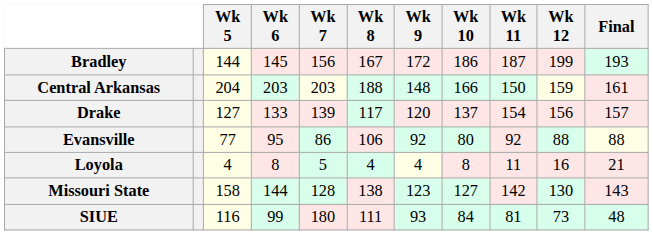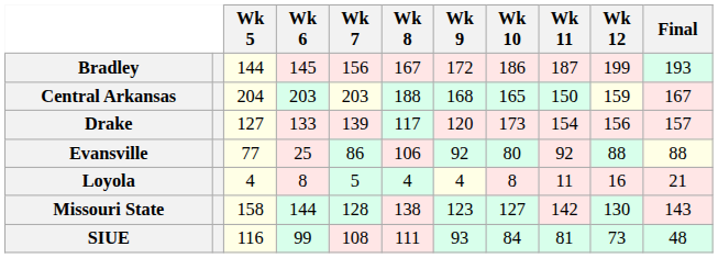 <table class="wikitable" style="text-align:center; width:50%">
 <tr>
 <th colspan=2 style="background:white; border-top-style:hidden; border-left-style:hidden;"> </th>
 <th>Wk<br>5</th>
 <th>Wk<br>6</th>
 <th>Wk<br>7</th>
 <th>Wk<br>8</th>
 <th>Wk<br>9</th>
 <th>Wk<br>10</th>
 <th>Wk<br>11</th>
 <th>Wk<br>12</th>
 <th>Final</th>
 </tr>
 <tr style="text-align:center;">
 <th style="background:#">Bradley</th>
 <th></th>
 <td style="background:#FFFFE6">144</td>
 <td style="background:#FFE6E6">145</td>
 <td style="background:#FFE6E6">156</td>
 <td style="background:#FFE6E6">167</td>
 <td style="background:#FFE6E6">172</td>
 <td style="background:#FFE6E6">186</td>
 <td style="background:#FFE6E6">187</td>
 <td style="background:#FFE6E6">199</td>
 <td style="background:#D8FFEB">193</td>
 </tr>
 <tr style="text-align:center;">
 <th style="background:#">Central Arkansas</th>
 <th></th>
 <td style="background:#FFFFE6">204</td>
 <td style="background:#D8FFEB">203</td>
 <td style="background:#FFFFE6">203</td>
 <td style="background:#D8FFEB">188</td>
-<td style="background:#D8FFEB">148</td>
-<td style="background:#D8FFEB">166</td>
+<td style="background:#D8FFEB">168</td>
+<td style="background:#D8FFEB">165</td>
 <td style="background:#D8FFEB">150</td>
 <td style="background:#FFFFE6">159</td>
-<td style="background:#FFE6E6">161</td>
+<td style="background:#FFE6E6">167</td>
 </tr>
 <tr style="text-align:center;">
 <th style="background:#">Drake</th>
 <th></th>
 <td style="background:#FFFFE6">127</td>
 <td style="background:#FFE6E6">133</td>
 <td style="background:#FFE6E6">139</td>
 <td style="background:#D8FFEB">117</td>
 <td style="background:#FFE6E6">120</td>
-<td style="background:#FFE6E6">137</td>
+<td style="background:#FFE6E6">173</td>
 <td style="background:#FFE6E6">154</td>
 <td style="background:#FFE6E6">156</td>
 <td style="background:#FFE6E6">157</td>
 </tr>
 <tr style="text-align:center;">
 <th style="background:#">Evansville</th>
 <th></th>
 <td style="background:#FFFFE6">77</td>
-<td style="background:#FFE6E6">95</td>
+<td style="background:#FFE6E6">25</td>
 <td style="background:#D8FFEB">86</td>
 <td style="background:#FFE6E6">106</td>
 <td style="background:#D8FFEB">92</td>
 <td style="background:#D8FFEB">80</td>
 <td style="background:#FFE6E6">92</td>
 <td style="background:#D8FFEB">88</td>
 <td style="background:#FFFFE6">88</td>
 </tr>
 <tr style="text-align:center;">
 <th style="background:#">Loyola</th>
 <th></th>
 <td style="background:#FFFFE6">4</td>
 <td style="background:#FFE6E6">8</td>
 <td style="background:#D8FFEB">5</td>
 <td style="background:#D8FFEB">4</td>
 <td style="background:#FFFFE6">4</td>
 <td style="background:#FFE6E6">8</td>
 <td style="background:#FFE6E6">11</td>
 <td style="background:#FFE6E6">16</td>
 <td style="background:#FFE6E6">21</td>
 </tr>
 <tr style="text-align:center;">
 <th style="background:#">Missouri State</th>
 <th></th>
 <td style="background:#FFFFE6">158</td>
 <td style="background:#D8FFEB">144</td>
 <td style="background:#D8FFEB">128</td>
 <td style="background:#FFE6E6">138</td>
 <td style="background:#D8FFEB">123</td>
 <td style="background:#D8FFEB">127</td>
 <td style="background:#FFE6E6">142</td>
 <td style="background:#D8FFEB">130</td>
 <td style="background:#FFE6E6">143</td>
 </tr>
 <tr style="text-align:center;">
 <th style="background:#">SIUE</th>
 <th></th>
 <td style="background:#FFFFE6">116</td>
 <td style="background:#D8FFEB">99</td>
-<td style="background:#FFE6E6">180</td>
+<td style="background:#FFE6E6">108</td>
 <td style="background:#FFE6E6">111</td>
 <td style="background:#D8FFEB">93</td>
 <td style="background:#D8FFEB">84</td>
 <td style="background:#D8FFEB">81</td>
 <td style="background:#D8FFEB">73</td>
 <td style="background:#D8FFEB">48</td>
 </tr>
 </table>
